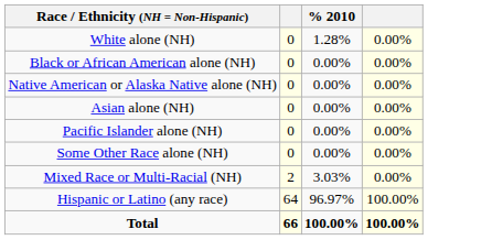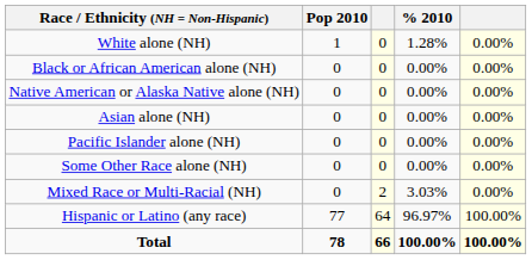 <table class="wikitable" style="text-align:center;">
 <tr>
 <th>Race / Ethnicity <small>(<em>NH = Non-Hispanic</em>)</small></th>
+<th>Pop 2010</th>
 <th></th>
 <th>% 2010</th>
 <th></th>
 </tr>
 <tr>
 <td><a href='#'>White</a> alone (NH)</td>
+<td>1</td>
 <td style='background: #ffffe6;'>0</td>
 <td>1.28%</td>
 <td style='background: #ffffe6;'>0.00%</td>
 </tr>
 <tr>
 <td><a href='#'>Black or African American</a> alone (NH)</td>
+<td>0</td>
 <td style='background: #ffffe6;'>0</td>
 <td>0.00%</td>
 <td style='background: #ffffe6;'>0.00%</td>
 </tr>
 <tr>
 <td><a href='#'>Native American</a> or <a href='#'>Alaska Native</a> alone (NH)</td>
+<td>0</td>
 <td style='background: #ffffe6;'>0</td>
 <td>0.00%</td>
 <td style='background: #ffffe6;'>0.00%</td>
 </tr>
 <tr>
 <td><a href='#'>Asian</a> alone (NH)</td>
+<td>0</td>
 <td style='background: #ffffe6;'>0</td>
 <td>0.00%</td>
 <td style='background: #ffffe6;'>0.00%</td>
 </tr>
 <tr>
 <td><a href='#'>Pacific Islander</a> alone (NH)</td>
+<td>0</td>
 <td style='background: #ffffe6;'>0</td>
 <td>0.00%</td>
 <td style='background: #ffffe6;'>0.00%</td>
 </tr>
 <tr>
 <td><a href='#'>Some Other Race</a> alone (NH)</td>
+<td>0</td>
 <td style='background: #ffffe6;'>0</td>
 <td>0.00%</td>
 <td style='background: #ffffe6;'>0.00%</td>
 </tr>
 <tr>
 <td><a href='#'>Mixed Race or Multi-Racial</a> (NH)</td>
+<td>0</td>
 <td style='background: #ffffe6;'>2</td>
 <td>3.03%</td>
 <td style='background: #ffffe6;'>0.00%</td>
 </tr>
 <tr>
 <td><a href='#'>Hispanic or Latino</a> (any race)</td>
+<td>77</td>
 <td style='background: #ffffe6;'>64</td>
 <td>96.97%</td>
 <td style='background: #ffffe6;'>100.00%</td>
 </tr>
 <tr>
 <td><strong>Total</strong></td>
+<td><strong>78</strong></td>
 <td style='background: #ffffe6;'><strong>66</strong></td>
 <td><strong>100.00%</strong></td>
 <td style='background: #ffffe6;'><strong>100.00%</strong></td>
 </tr>
 </table>
